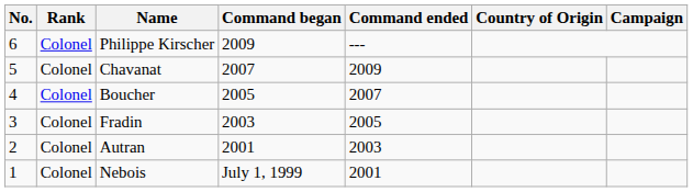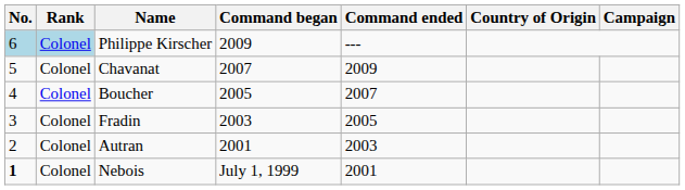 <table class="wikitable sortable">
 <tr>
 <th>No.</th>
 <th>Rank</th>
 <th>Name</th>
 <th>Command began</th>
 <th>Command ended</th>
 <th>Country of Origin</th>
 <th>Campaign</th>
 </tr>
 <tr>
-<td>6</td>
-<td><a href='#'>Colonel</a></td>
+<td style="background: lightblue;">6</td>
+<td style="background: lightblue;"><a href='#'>Colonel</a></td>
 <td>Philippe Kirscher</td>
 <td>2009</td>
 <td>---</td>
 </tr>
 <tr>
 <td>5</td>
 <td>Colonel</td>
 <td>Chavanat</td>
 <td>2007</td>
 <td>2009</td>
 <td></td>
 <td></td>
 </tr>
 <tr>
 <td>4</td>
 <td><a href='#'>Colonel</a></td>
 <td>Boucher</td>
 <td>2005</td>
 <td>2007</td>
 <td></td>
 <td></td>
 </tr>
 <tr>
 <td>3</td>
 <td>Colonel</td>
 <td>Fradin</td>
 <td>2003</td>
 <td>2005</td>
 <td></td>
 <td></td>
 </tr>
 <tr>
 <td>2</td>
 <td>Colonel</td>
 <td>Autran</td>
 <td>2001</td>
 <td>2003</td>
 <td></td>
 <td></td>
 </tr>
 <tr>
-<td>1</td>
+<td><strong>1</strong></td>
 <td>Colonel</td>
 <td>Nebois</td>
 <td>July 1, 1999</td>
 <td>2001</td>
 <td></td>
 <td></td>
 </tr>
 </table>
